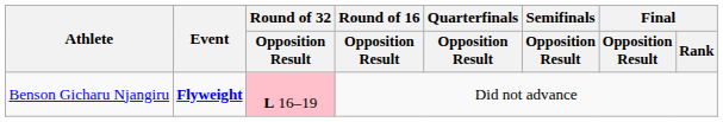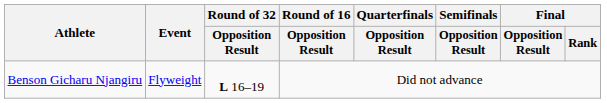 <table class="wikitable" style="font-size:90%">
 <tr>
 <th rowspan=2>Athlete</th>
 <th rowspan=2>Event</th>
 <th>Round of 32</th>
 <th>Round of 16</th>
 <th>Quarterfinals</th>
 <th>Semifinals</th>
 <th colspan=2>Final</th>
 </tr>
 <tr style="font-size:95%">
 <th>Opposition<br>Result</th>
 <th>Opposition<br>Result</th>
 <th>Opposition<br>Result</th>
 <th>Opposition<br>Result</th>
 <th>Opposition<br>Result</th>
 <th>Rank</th>
 </tr>
 <tr align=center>
 <td align=left><a href='#'>Benson Gicharu Njangiru</a></td>
-<td align=left><strong><a href='#'>Flyweight</a></strong></td>
-<td style="background: pink;"><br><strong>L</strong> 16–19</td>
+<td align=left><a href='#'>Flyweight</a></td>
+<td><br><strong>L</strong> 16–19</td>
 <td colspan=5>Did not advance</td>
 </tr>
 </table>
